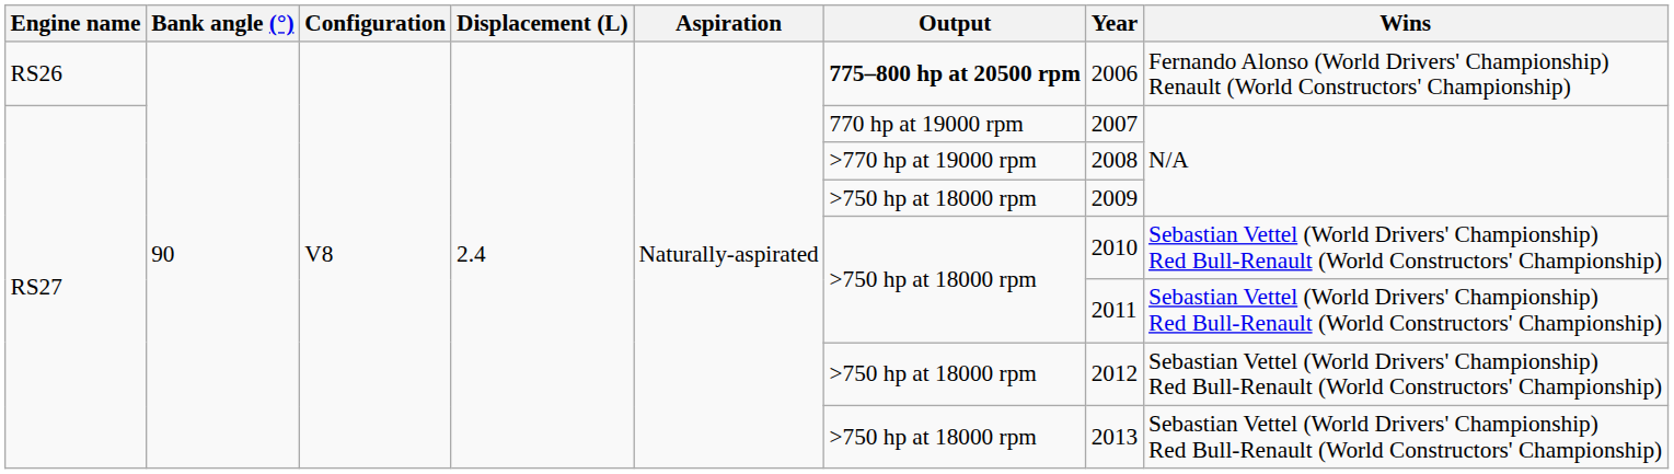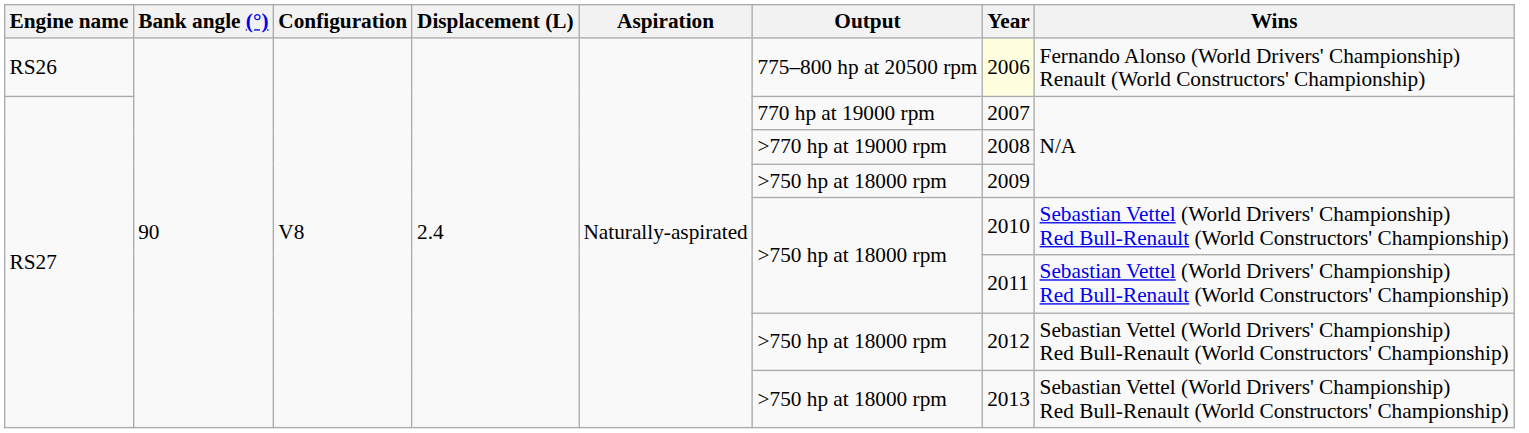 <table class="wikitable sortable">
 <tr>
 <th>Engine name</th>
 <th>Bank angle <a href='#'>(°)</a></th>
 <th>Configuration</th>
 <th>Displacement (L)</th>
 <th>Aspiration</th>
 <th>Output</th>
 <th>Year</th>
 <th>Wins</th>
 </tr>
 <tr>
 <td>RS26</td>
 <td rowspan="8">90</td>
 <td rowspan="8">V8</td>
 <td rowspan="8">2.4</td>
 <td rowspan="8">Naturally-aspirated</td>
-<td><strong>775–800 hp at 20500 rpm</strong></td>
-<td>2006</td>
+<td>775–800 hp at 20500 rpm</td>
+<td style="background: lightyellow;">2006</td>
 <td>Fernando Alonso (World Drivers' Championship)<br>Renault (World Constructors' Championship)</td>
 </tr>
 <tr>
 <td rowspan="7">RS27</td>
 <td>770 hp at 19000 rpm</td>
 <td>2007</td>
 <td rowspan="3">N/A</td>
 </tr>
 <tr>
 <td>>770 hp at 19000 rpm</td>
 <td>2008</td>
 </tr>
 <tr>
 <td>>750 hp at 18000 rpm</td>
 <td>2009</td>
 </tr>
 <tr>
 <td rowspan="2">>750 hp at 18000 rpm</td>
 <td>2010</td>
 <td><a href='#'>Sebastian Vettel</a> (World Drivers' Championship)<br><a href='#'>Red Bull-Renault</a> (World Constructors' Championship)</td>
 </tr>
 <tr>
 <td>2011</td>
 <td><a href='#'>Sebastian Vettel</a> (World Drivers' Championship)<br><a href='#'>Red Bull-Renault</a> (World Constructors' Championship)</td>
 </tr>
 <tr>
 <td>>750 hp at 18000 rpm</td>
 <td>2012</td>
 <td>Sebastian Vettel (World Drivers' Championship)<br>Red Bull-Renault (World Constructors' Championship)</td>
 </tr>
 <tr>
 <td>>750 hp at 18000 rpm</td>
 <td>2013</td>
 <td>Sebastian Vettel (World Drivers' Championship)<br>Red Bull-Renault (World Constructors' Championship)</td>
 </tr>
 </table>
